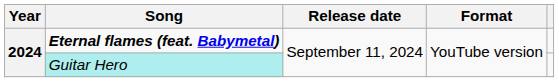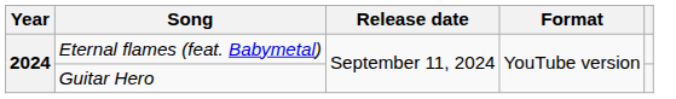 <table class="wikitable">
 <tr>
 <th scope="col">Year</th>
 <th scope="col">Song</th>
 <th scope="col">Release date</th>
 <th scope="col">Format</th>
 <th scope="col"></th>
 </tr>
 <tr>
 <th rowspan="2">2024</th>
-<td><strong><em>Eternal flames (feat. <a href='#'>Babymetal</a>)</em></strong></td>
+<td><em>Eternal flames (feat. <a href='#'>Babymetal</a>)</em></td>
 <td rowspan="2">September 11, 2024</td>
 <td rowspan="2">YouTube version</td>
 <td></td>
 </tr>
 <tr>
-<td style="background: paleturquoise;"><em>Guitar Hero</em></td>
+<td><em>Guitar Hero</em></td>
 <td></td>
 </tr>
 </table>
